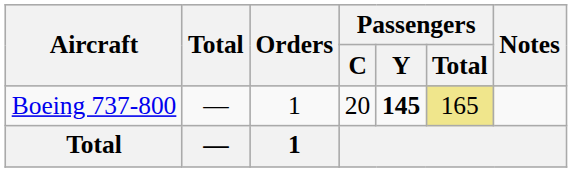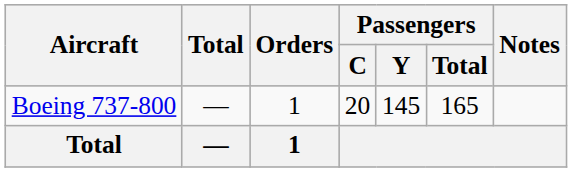 <table class="wikitable" style="border-collapse:collapse;text-align:center;margin:auto;">
 <tr>
 <th rowspan="2">Aircraft</th>
 <th rowspan="2">Total</th>
 <th rowspan="2">Orders</th>
 <th colspan="3">Passengers</th>
 <th rowspan="2">Notes</th>
 </tr>
 <tr>
 <th><abbr>C</abbr></th>
 <th><abbr>Y</abbr></th>
 <th>Total</th>
 </tr>
 <tr>
 <td><a href='#'>Boeing 737-800</a></td>
 <td>—</td>
 <td>1</td>
 <td>20</td>
-<td><strong>145</strong></td>
-<td style="background: khaki;">165</td>
+<td>145</td>
+<td>165</td>
 <td></td>
 </tr>
 <tr>
 <th>Total</th>
 <th>—</th>
 <th>1</th>
 <th colspan="4"></th>
 </tr>
 </table>
